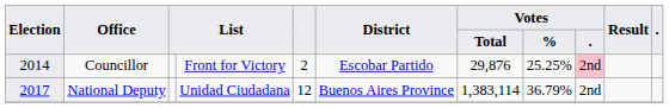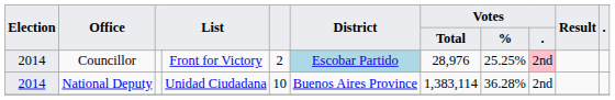 <table class="wikitable" style="font-size:90%; text-align:center;">
 <tr>
 <th style="background-color:#EAECF0;" rowspan=2>Election</th>
 <th style="background-color:#EAECF0;" rowspan=2>Office</th>
 <th style="background-color:#EAECF0;" colspan=2 rowspan=2>List</th>
 <th style="background-color:#EAECF0;" rowspan=2></th>
 <th style="background-color:#EAECF0;" rowspan=2>District</th>
 <th style="background-color:#EAECF0;" colspan=3>Votes</th>
 <th style="background-color:#EAECF0;" rowspan=2>Result</th>
 <th style="background-color:#EAECF0;" rowspan=2>.</th>
 </tr>
 <tr>
 <th style="background-color:#EAECF0;">Total</th>
 <th style="background-color:#EAECF0;">%</th>
 <th style="background-color:#EAECF0;">.</th>
 </tr>
 <tr>
 <td style="background-color:#EAECF0;">2014</td>
 <td>Councillor</td>
 <td style="background-color:"></td>
 <td><a href='#'>Front for Victory</a></td>
 <td>2</td>
-<td><a href='#'>Escobar Partido</a></td>
-<td>29,876</td>
+<td style="background: lightblue;"><a href='#'>Escobar Partido</a></td>
+<td>28,976</td>
 <td>25.25%</td>
 <td style="background: pink;">2nd</td>
 <td></td>
 <td></td>
 </tr>
 <tr>
-<td style="background-color:#EAECF0;"><a href='#'>2017</a></td>
+<td style="background-color:#EAECF0;"><a href='#'>2014</a></td>
 <td><a href='#'>National Deputy</a></td>
 <td style="background-color:"></td>
 <td><a href='#'>Unidad Ciudadana</a></td>
-<td>12</td>
+<td>10</td>
 <td><a href='#'>Buenos Aires Province</a></td>
 <td>1,383,114</td>
-<td>36.79%</td>
+<td>36.28%</td>
 <td>2nd</td>
 <td></td>
 <td></td>
 </tr>
 <tr>
 </tr>
 </table>
